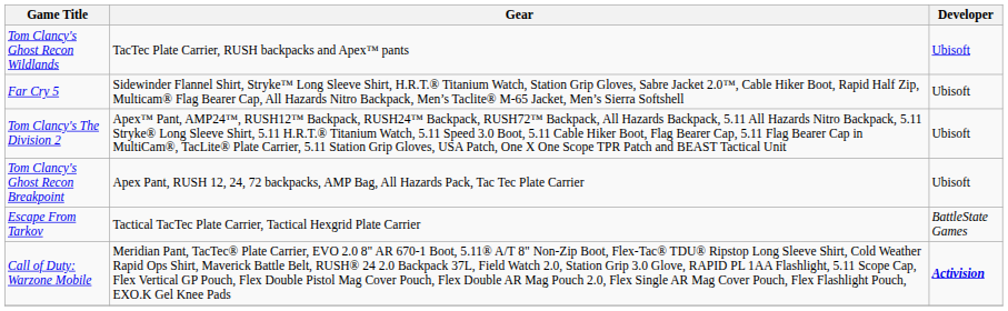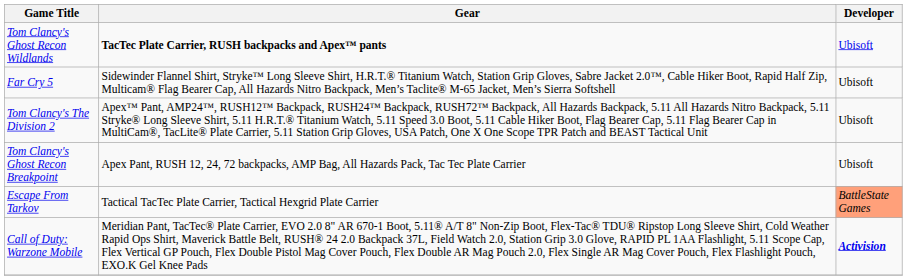 <table class="wikitable sortable">
 <tr>
 <th>Game Title</th>
 <th>Gear</th>
 <th>Developer</th>
 </tr>
 <tr>
 <td><em><a href='#'>Tom Clancy's Ghost Recon Wildlands</a> </em></td>
-<td>TacTec Plate Carrier, RUSH backpacks and Apex™ pants</td>
+<td><strong>TacTec Plate Carrier, RUSH backpacks and Apex™ pants</strong></td>
 <td><a href='#'>Ubisoft</a></td>
 </tr>
 <tr>
 <td><em><a href='#'>Far Cry 5</a> </em></td>
 <td>Sidewinder Flannel Shirt, Stryke™ Long Sleeve Shirt, H.R.T.® Titanium Watch, Station Grip Gloves, Sabre Jacket 2.0™, Cable Hiker Boot, Rapid Half Zip, Multicam® Flag Bearer Cap, All Hazards Nitro Backpack, Men’s Taclite® M-65 Jacket, Men’s Sierra Softshell</td>
 <td>Ubisoft</td>
 </tr>
 <tr>
 <td><em><a href='#'>Tom Clancy's The Division 2</a></em> </td>
 <td>Apex™ Pant, AMP24™, RUSH12™ Backpack, RUSH24™ Backpack, RUSH72™ Backpack, All Hazards Backpack, 5.11 All Hazards Nitro Backpack, 5.11 Stryke® Long Sleeve Shirt, 5.11 H.R.T.® Titanium Watch, 5.11 Speed 3.0 Boot, 5.11 Cable Hiker Boot, Flag Bearer Cap, 5.11 Flag Bearer Cap in MultiCam®, TacLite® Plate Carrier, 5.11 Station Grip Gloves, USA Patch, One X One Scope TPR Patch and BEAST Tactical Unit</td>
 <td>Ubisoft</td>
 </tr>
 <tr>
 <td><em><a href='#'>Tom Clancy's Ghost Recon Breakpoint</a></em> </td>
 <td>Apex Pant, RUSH 12, 24, 72 backpacks, AMP Bag, All Hazards Pack, Tac Tec Plate Carrier</td>
 <td>Ubisoft</td>
 </tr>
 <tr>
 <td><em><a href='#'>Escape From Tarkov</a></em></td>
 <td>Tactical TacTec Plate Carrier, Tactical Hexgrid Plate Carrier</td>
-<td><em>BattleState Games</em> </td>
+<td style="background: lightsalmon;"><em>BattleState Games</em> </td>
 </tr>
 <tr>
 <td><em><a href='#'>Call of Duty: Warzone Mobile</a></em> </td>
 <td>Meridian Pant, TacTec® Plate Carrier, EVO 2.0 8" AR 670-1 Boot, 5.11® A/T 8" Non-Zip Boot, Flex-Tac® TDU® Ripstop Long Sleeve Shirt, Cold Weather Rapid Ops Shirt, Maverick Battle Belt, RUSH® 24 2.0 Backpack 37L, Field Watch 2.0, Station Grip 3.0 Glove, RAPID PL 1AA Flashlight, 5.11 Scope Cap, Flex Vertical GP Pouch, Flex Double Pistol Mag Cover Pouch, Flex Double AR Mag Pouch 2.0, Flex Single AR Mag Cover Pouch, Flex Flashlight Pouch, EXO.K Gel Knee Pads</td>
 <td><strong><em><a href='#'>Activision</a></em> </strong></td>
 </tr>
 <tr>
 </tr>
 </table>
